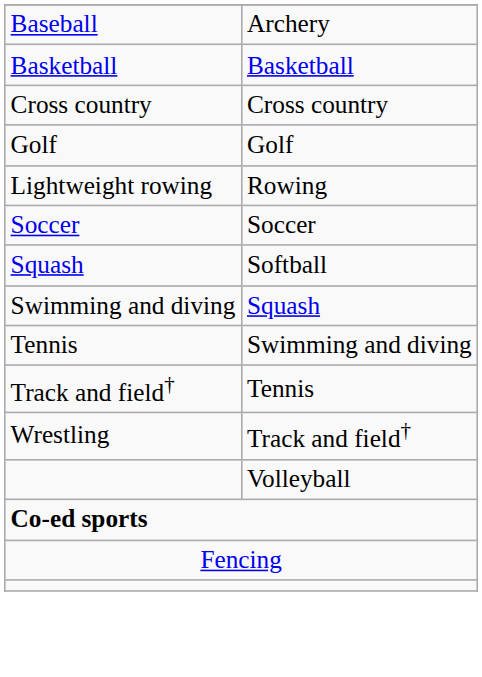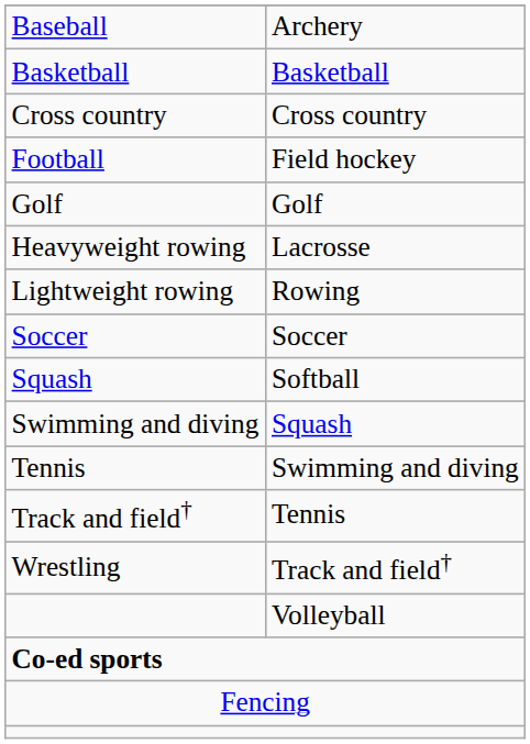 <table class="wikitable" style= " ">
 <tr>
 </tr>
 <tr>
 <td><a href='#'>Baseball</a></td>
 <td>Archery</td>
 </tr>
 <tr>
 <td><a href='#'>Basketball</a></td>
 <td><a href='#'>Basketball</a></td>
 </tr>
 <tr>
 <td>Cross country</td>
 <td>Cross country</td>
 </tr>
 <tr>
+<td><a href='#'>Football</a></td>
+<td>Field hockey</td>
+</tr>
+<tr>
 <td>Golf</td>
 <td>Golf</td>
+</tr>
+<tr>
+<td>Heavyweight rowing</td>
+<td>Lacrosse</td>
 </tr>
 <tr>
 <td>Lightweight rowing</td>
 <td>Rowing</td>
 </tr>
 <tr>
 <td><a href='#'>Soccer</a></td>
 <td>Soccer</td>
 </tr>
 <tr>
 <td><a href='#'>Squash</a></td>
 <td>Softball</td>
 </tr>
 <tr>
 <td>Swimming and diving</td>
 <td><a href='#'>Squash</a></td>
 </tr>
 <tr>
 <td>Tennis</td>
 <td>Swimming and diving</td>
 </tr>
 <tr>
 <td>Track and field<sup>†</sup></td>
 <td>Tennis</td>
 </tr>
 <tr>
 <td>Wrestling</td>
 <td>Track and field<sup>†</sup></td>
 </tr>
 <tr>
 <td></td>
 <td>Volleyball</td>
 </tr>
 <tr>
 <td colspan="2"><strong>Co-ed sports</strong></td>
 </tr>
 <tr style="text-align:center">
 <td colspan="2"><a href='#'>Fencing</a></td>
 </tr>
 <tr>
 <td colspan="2"></td>
 </tr>
 </table>
